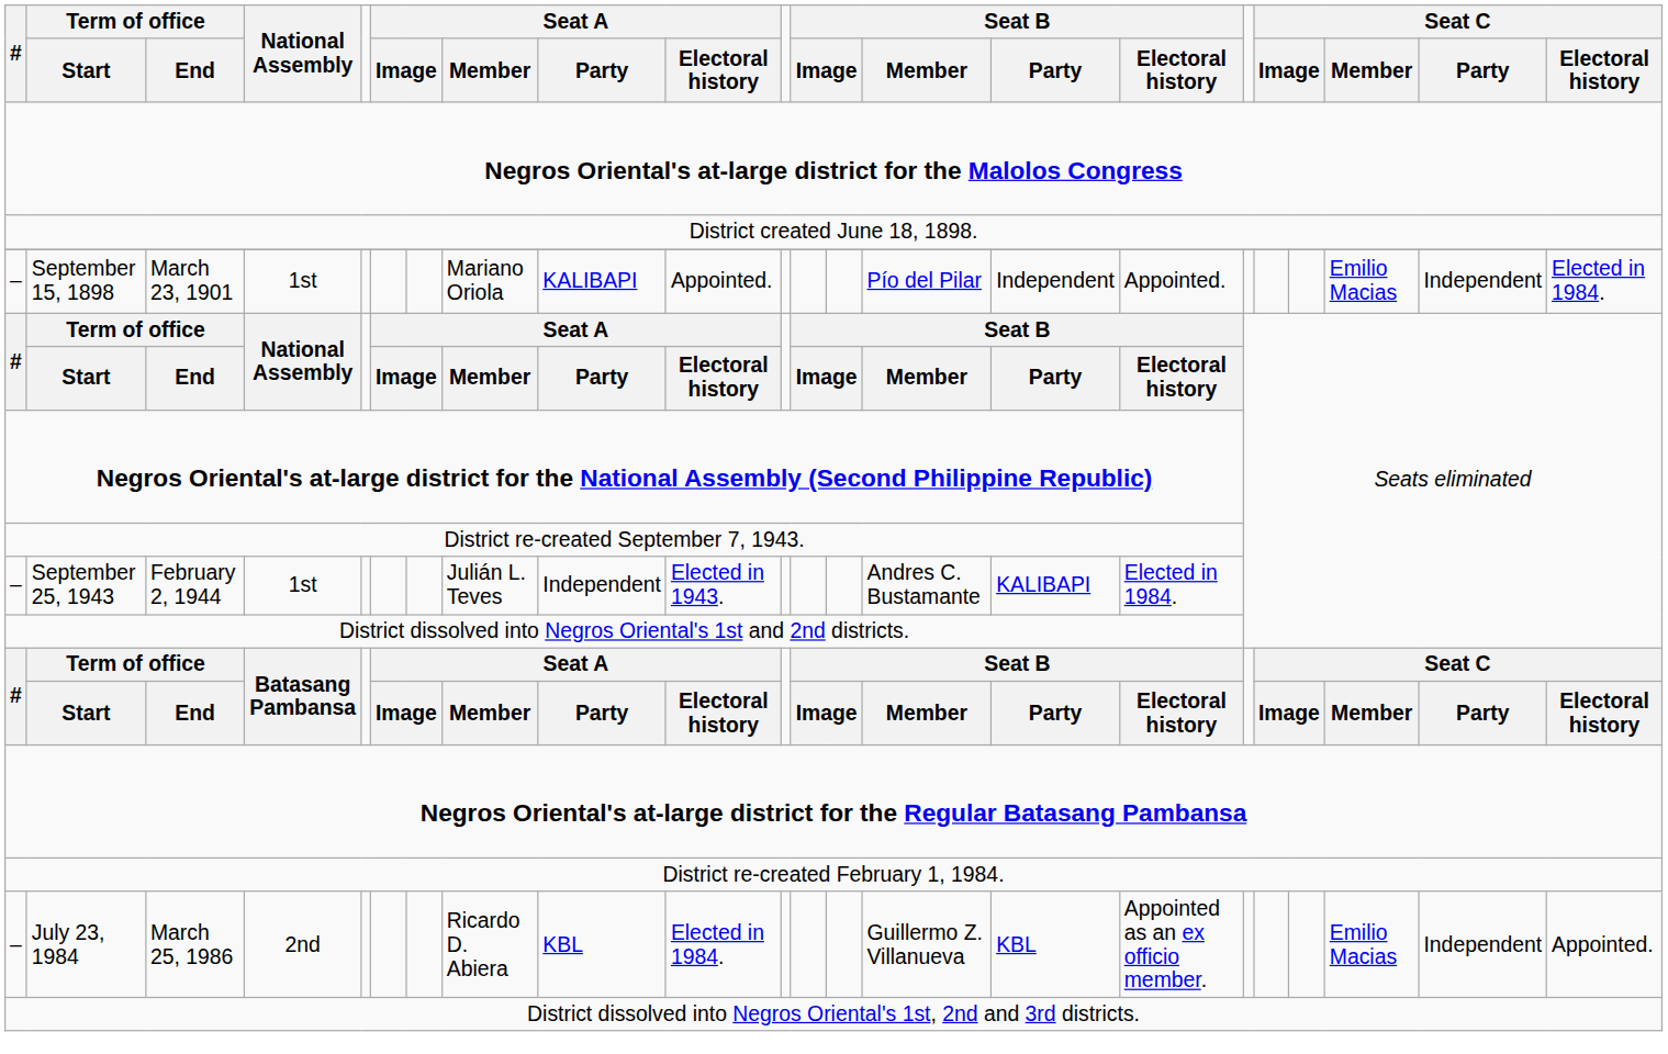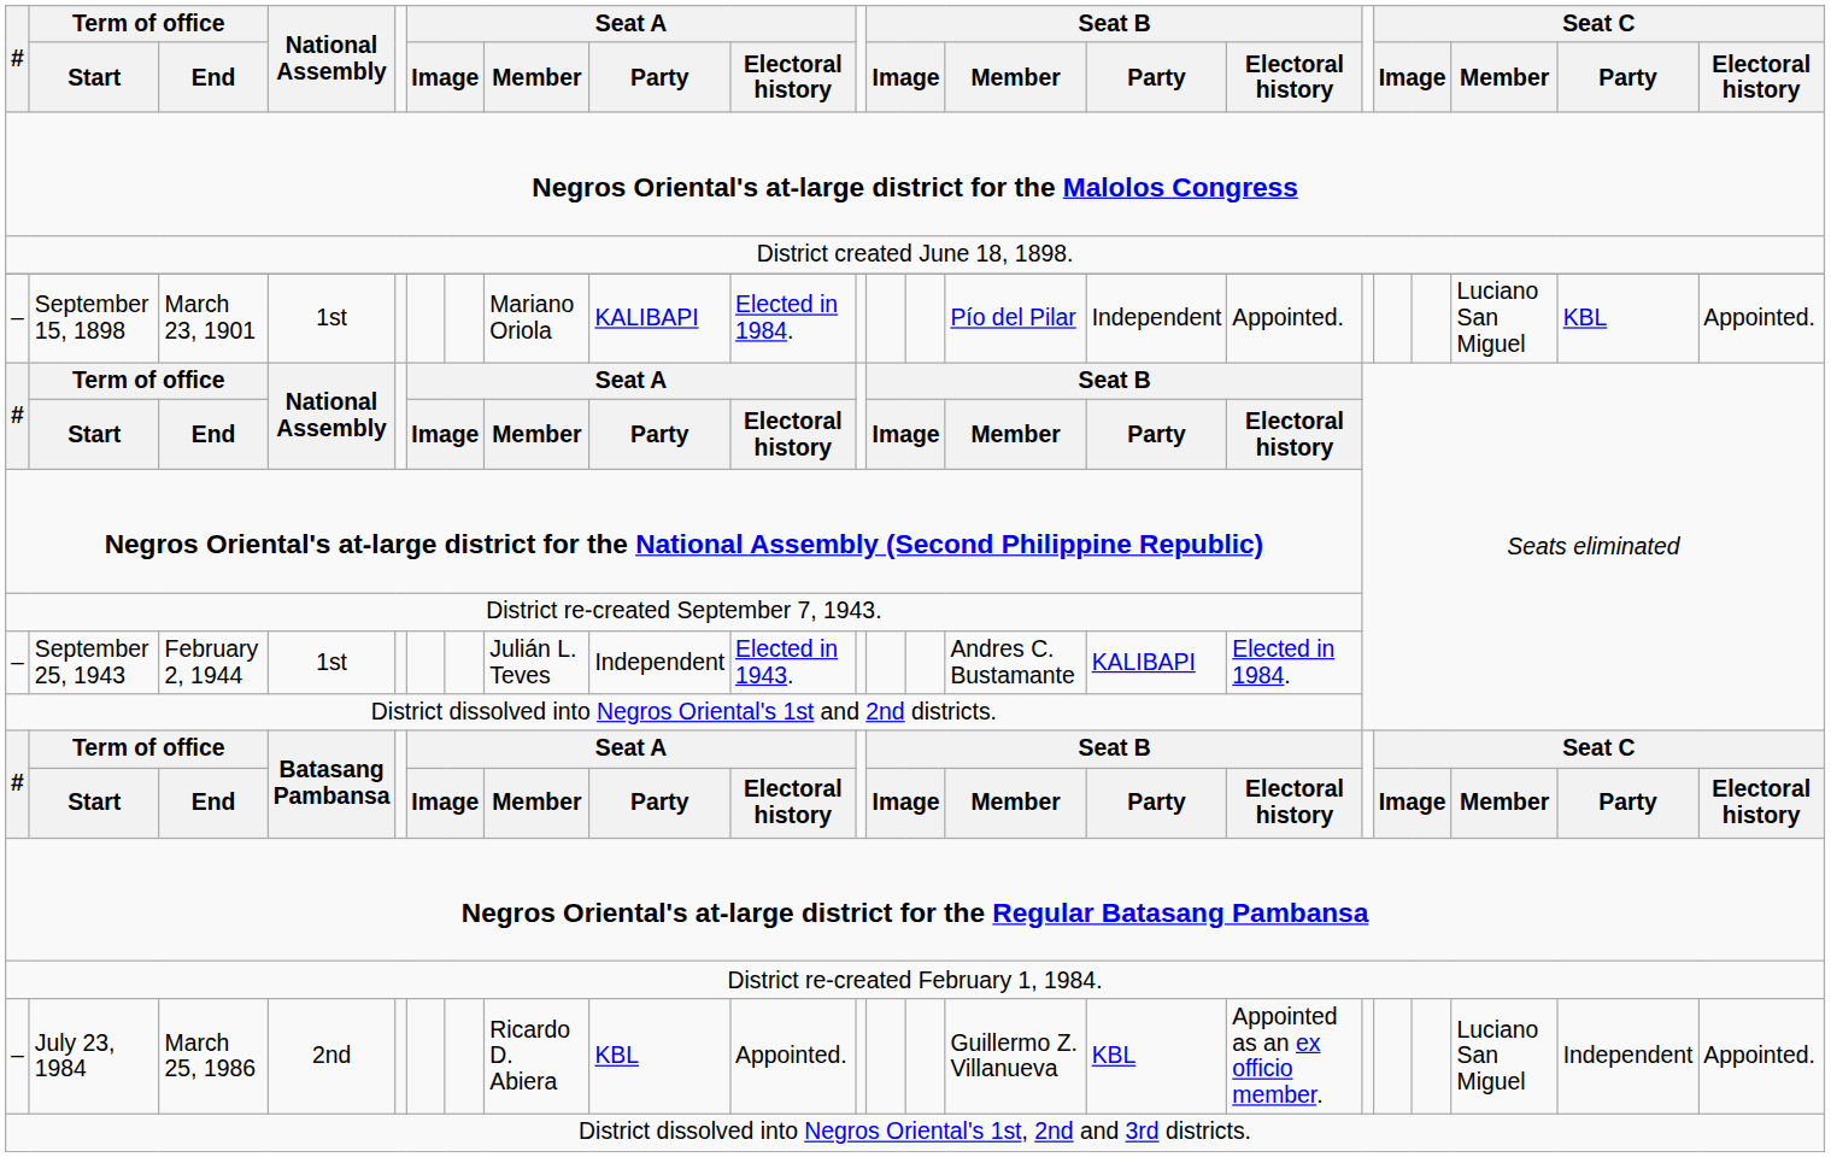 <table class=wikitable>
 <tr>
 <th rowspan=2>#</th>
 <th colspan=2>Term of office</th>
 <th rowspan=2>National<br>Assembly</th>
 <td rowspan=2></td>
 <th colspan=5>Seat A</th>
 <td rowspan=2></td>
 <th colspan=5>Seat B</th>
 <td rowspan=2></td>
 <th colspan=5>Seat C</th>
 </tr>
 <tr style="height:3em">
 <th>Start</th>
 <th>End</th>
 <th colspan="2" style="text-align:center;">Image</th>
 <th>Member</th>
 <th>Party</th>
 <th>Electoral history</th>
 <th colspan="2" style="text-align:center;">Image</th>
 <th>Member</th>
 <th>Party</th>
 <th>Electoral history</th>
 <th colspan="2" style="text-align:center;">Image</th>
 <th>Member</th>
 <th>Party</th>
 <th>Electoral history</th>
 </tr>
 <tr>
 <td colspan="22" style="text-align:center;"><br><h3>Negros Oriental's at-large district for the <a href='#'>Malolos Congress</a></h3></td>
 </tr>
 <tr>
 <td colspan="22" style="text-align:center;">District created June 18, 1898.</td>
 </tr>
 <tr>
 </tr>
 <tr style="height:3em">
 <td style="text-align:center;">–</td>
 <td>September 15, 1898</td>
 <td>March 23, 1901</td>
 <td style="text-align:center;">1st</td>
 <td></td>
 <td style="background:"></td>
 <td></td>
 <td>Mariano Oriola</td>
 <td><a href='#'>KALIBAPI</a></td>
-<td>Appointed.</td>
+<td><a href='#'>Elected in 1984</a>.</td>
 <td></td>
 <td style="background:"></td>
 <td></td>
 <td><a href='#'>Pío del Pilar</a></td>
 <td>Independent</td>
 <td>Appointed.</td>
 <td></td>
 <td style="background:"></td>
 <td></td>
-<td><a href='#'>Emilio Macias</a></td>
-<td>Independent</td>
-<td><a href='#'>Elected in 1984</a>.</td>
+<td>Luciano San Miguel</td>
+<td><a href='#'>KBL</a></td>
+<td>Appointed.</td>
 </tr>
 <tr>
 <th rowspan=2>#</th>
 <th colspan=2>Term of office</th>
 <th rowspan=2>National<br>Assembly</th>
 <td rowspan=2></td>
 <th colspan=5>Seat A</th>
 <td rowspan=2></td>
 <th colspan=5>Seat B</th>
 <td rowspan=6 colspan=6 style="text-align:center;"><em>Seats eliminated</em></td>
 </tr>
 <tr style="height:3em">
 <th>Start</th>
 <th>End</th>
 <th colspan="2" style="text-align:center;">Image</th>
 <th>Member</th>
 <th>Party</th>
 <th>Electoral history</th>
 <th colspan="2" style="text-align:center;">Image</th>
 <th>Member</th>
 <th>Party</th>
 <th>Electoral history</th>
 </tr>
 <tr>
 <td colspan="16" style="text-align:center;"><br><h3>Negros Oriental's at-large district for the <a href='#'>National Assembly (Second Philippine Republic)</a></h3></td>
 </tr>
 <tr>
 <td colspan="16" style="text-align:center;">District re-created September 7, 1943.</td>
 </tr>
 <tr>
 <td style="text-align:center;">–</td>
 <td>September 25, 1943</td>
 <td>February 2, 1944</td>
 <td style="text-align:center;">1st</td>
 <td></td>
 <td style="background:"></td>
 <td></td>
 <td>Julián L. Teves</td>
 <td>Independent</td>
 <td><a href='#'>Elected in 1943</a>.</td>
 <td></td>
 <td style="background:"></td>
 <td></td>
 <td>Andres C. Bustamante</td>
 <td><a href='#'>KALIBAPI</a></td>
 <td><a href='#'>Elected in 1984</a>.</td>
 </tr>
 <tr>
 <td colspan="16" style="text-align:center;">District dissolved into <a href='#'>Negros Oriental's 1st</a> and <a href='#'>2nd</a> districts.</td>
 </tr>
 <tr>
 <th rowspan=2>#</th>
 <th colspan=2>Term of office</th>
 <th rowspan=2>Batasang<br>Pambansa</th>
 <td rowspan=2></td>
 <th colspan=5>Seat A</th>
 <td rowspan=2></td>
 <th colspan=5>Seat B</th>
 <td rowspan=2></td>
 <th colspan=5>Seat C</th>
 </tr>
 <tr style="height:3em">
 <th>Start</th>
 <th>End</th>
 <th colspan="2" style="text-align:center;">Image</th>
 <th>Member</th>
 <th>Party</th>
 <th>Electoral history</th>
 <th colspan="2" style="text-align:center;">Image</th>
 <th>Member</th>
 <th>Party</th>
 <th>Electoral history</th>
 <th colspan="2" style="text-align:center;">Image</th>
 <th>Member</th>
 <th>Party</th>
 <th>Electoral history</th>
 </tr>
 <tr>
 <td colspan="22" style="text-align:center;"><br><h3>Negros Oriental's at-large district for the <a href='#'>Regular Batasang Pambansa</a></h3></td>
 </tr>
 <tr>
 <td colspan="22" style="text-align:center;">District re-created February 1, 1984.</td>
 </tr>
 <tr style="height:3em">
 <td style="text-align:center;">–</td>
 <td>July 23, 1984</td>
 <td>March 25, 1986</td>
 <td style="text-align:center;">2nd</td>
 <td></td>
 <td style="background:"></td>
 <td></td>
 <td>Ricardo D. Abiera</td>
 <td><a href='#'>KBL</a></td>
-<td><a href='#'>Elected in 1984</a>.</td>
+<td>Appointed.</td>
 <td></td>
 <td style="background:"></td>
 <td></td>
 <td>Guillermo Z. Villanueva</td>
 <td><a href='#'>KBL</a></td>
 <td>Appointed as an <a href='#'>ex officio member</a>.</td>
 <td></td>
 <td style="background:"></td>
 <td></td>
-<td><a href='#'>Emilio Macias</a></td>
+<td>Luciano San Miguel</td>
 <td>Independent</td>
 <td>Appointed.</td>
 </tr>
 <tr>
 <td colspan="22" style="text-align:center;">District dissolved into <a href='#'>Negros Oriental's 1st</a>, <a href='#'>2nd</a> and <a href='#'>3rd</a> districts.</td>
 </tr>
 </table>
